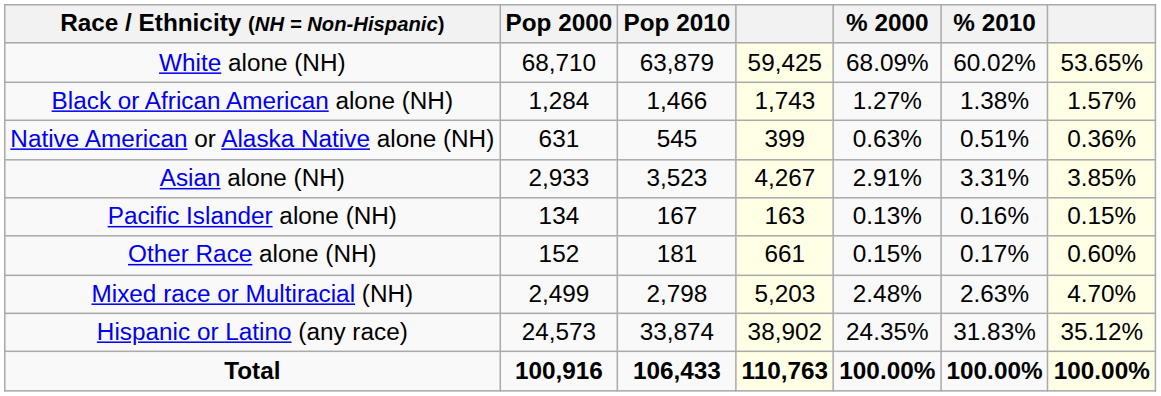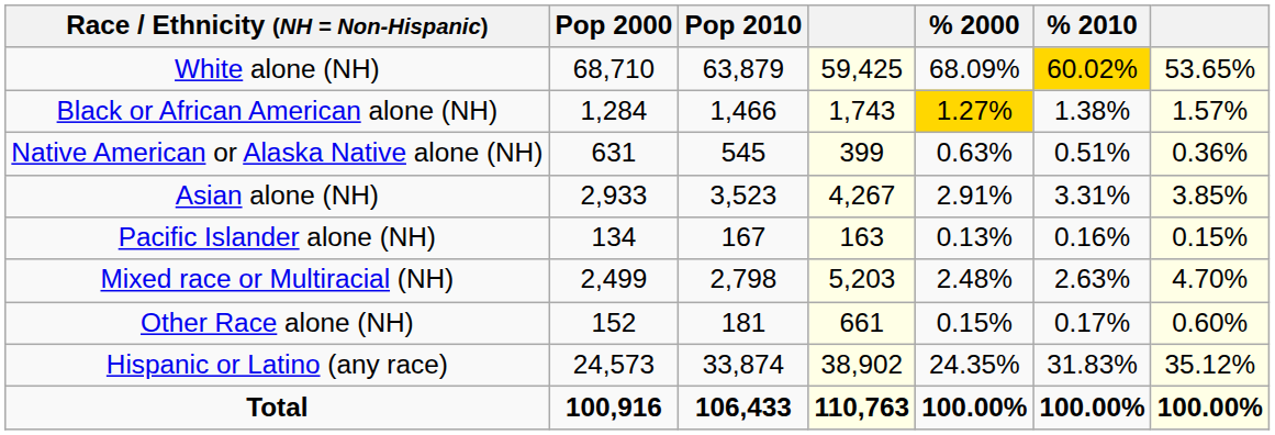 <table class="wikitable" style="text-align:center;">
 <tr>
 <th>Race / Ethnicity <small>(<em>NH = Non-Hispanic</em>)</small></th>
 <th>Pop 2000</th>
 <th>Pop 2010</th>
 <th></th>
 <th>% 2000</th>
 <th>% 2010</th>
 <th></th>
 </tr>
 <tr>
 <td><a href='#'>White</a> alone (NH)</td>
 <td>68,710</td>
 <td>63,879</td>
 <td style='background: #ffffe6;'>59,425</td>
 <td>68.09%</td>
-<td>60.02%</td>
+<td style="background: gold;">60.02%</td>
 <td style='background: #ffffe6;'>53.65%</td>
 </tr>
 <tr>
 <td><a href='#'>Black or African American</a> alone (NH)</td>
 <td>1,284</td>
 <td>1,466</td>
 <td style='background: #ffffe6;'>1,743</td>
-<td>1.27%</td>
+<td style="background: gold;">1.27%</td>
 <td>1.38%</td>
 <td style='background: #ffffe6;'>1.57%</td>
 </tr>
 <tr>
 <td><a href='#'>Native American</a> or <a href='#'>Alaska Native</a> alone (NH)</td>
 <td>631</td>
 <td>545</td>
 <td style='background: #ffffe6;'>399</td>
 <td>0.63%</td>
 <td>0.51%</td>
 <td style='background: #ffffe6;'>0.36%</td>
 </tr>
 <tr>
 <td><a href='#'>Asian</a> alone (NH)</td>
 <td>2,933</td>
 <td>3,523</td>
 <td style='background: #ffffe6;'>4,267</td>
 <td>2.91%</td>
 <td>3.31%</td>
 <td style='background: #ffffe6;'>3.85%</td>
 </tr>
 <tr>
 <td><a href='#'>Pacific Islander</a> alone (NH)</td>
 <td>134</td>
 <td>167</td>
 <td style='background: #ffffe6;'>163</td>
 <td>0.13%</td>
 <td>0.16%</td>
 <td style='background: #ffffe6;'>0.15%</td>
 </tr>
 <tr>
+<td><a href='#'>Mixed race or Multiracial</a> (NH)</td>
+<td>2,499</td>
+<td>2,798</td>
+<td style='background: #ffffe6;'>5,203</td>
+<td>2.48%</td>
+<td>2.63%</td>
+<td style='background: #ffffe6;'>4.70%</td>
+</tr>
+<tr>
 <td><a href='#'>Other Race</a> alone (NH)</td>
 <td>152</td>
 <td>181</td>
 <td style='background: #ffffe6;'>661</td>
 <td>0.15%</td>
 <td>0.17%</td>
 <td style='background: #ffffe6;'>0.60%</td>
-</tr>
-<tr>
-<td><a href='#'>Mixed race or Multiracial</a> (NH)</td>
-<td>2,499</td>
-<td>2,798</td>
-<td style='background: #ffffe6;'>5,203</td>
-<td>2.48%</td>
-<td>2.63%</td>
-<td style='background: #ffffe6;'>4.70%</td>
 </tr>
 <tr>
 <td><a href='#'>Hispanic or Latino</a> (any race)</td>
 <td>24,573</td>
 <td>33,874</td>
 <td style='background: #ffffe6;'>38,902</td>
 <td>24.35%</td>
 <td>31.83%</td>
 <td style='background: #ffffe6;'>35.12%</td>
 </tr>
 <tr>
 <td><strong>Total</strong></td>
 <td><strong>100,916</strong></td>
 <td><strong>106,433</strong></td>
 <td style='background: #ffffe6;'><strong>110,763</strong></td>
 <td><strong>100.00%</strong></td>
 <td><strong>100.00%</strong></td>
 <td style='background: #ffffe6;'><strong>100.00%</strong></td>
 </tr>
 </table>
